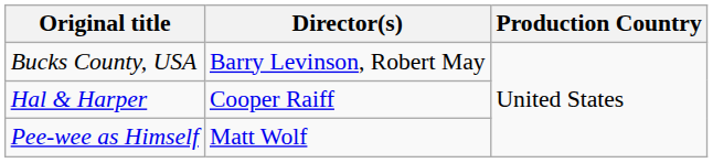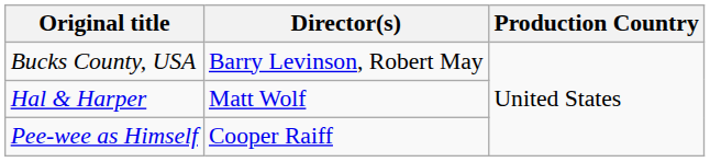 <table class="wikitable plainrowheaders" style="margin-bottom:4px">
 <tr>
 <th scope="col">Original title</th>
 <th scope="col">Director(s)</th>
 <th scope="col">Production Country</th>
 </tr>
 <tr>
 <td scope="row"><em>Bucks County, USA</em></td>
 <td><a href='#'>Barry Levinson</a>, Robert May</td>
 <td rowspan="3">United States</td>
 </tr>
 <tr>
 <td scope="row"><em><a href='#'>Hal & Harper</a></em></td>
-<td><a href='#'>Cooper Raiff</a></td>
+<td><a href='#'>Matt Wolf</a></td>
 </tr>
 <tr>
 <td scope="row"><em><a href='#'>Pee-wee as Himself</a></em></td>
-<td><a href='#'>Matt Wolf</a></td>
+<td><a href='#'>Cooper Raiff</a></td>
 </tr>
 </table>
